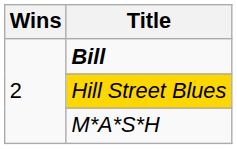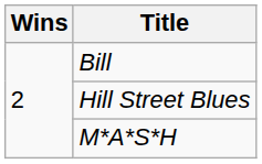 <table class="wikitable">
 <tr>
 <th>Wins</th>
 <th>Title</th>
 </tr>
 <tr>
 <td rowspan="3">2</td>
-<td><strong><em>Bill</em></strong></td>
+<td><em>Bill</em></td>
 </tr>
 <tr>
-<td style="background: gold;"><em>Hill Street Blues</em></td>
+<td><em>Hill Street Blues</em></td>
 </tr>
 <tr>
 <td><em>M*A*S*H</em></td>
 </tr>
 </table>
